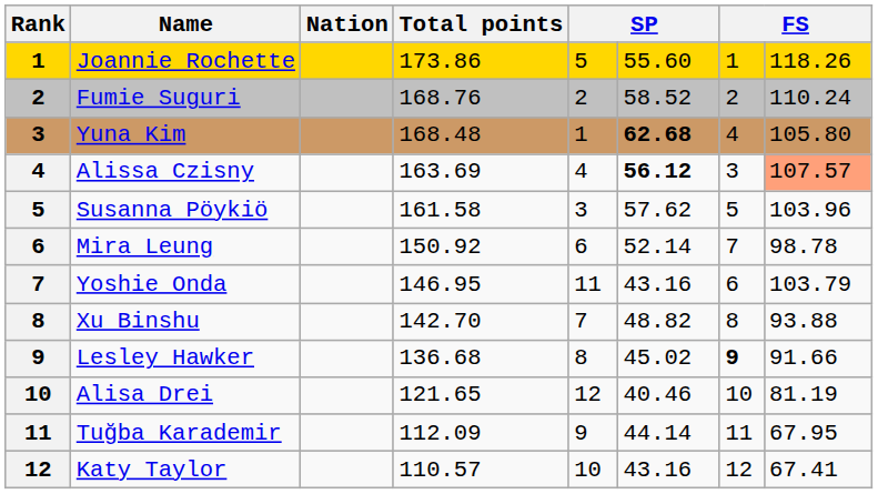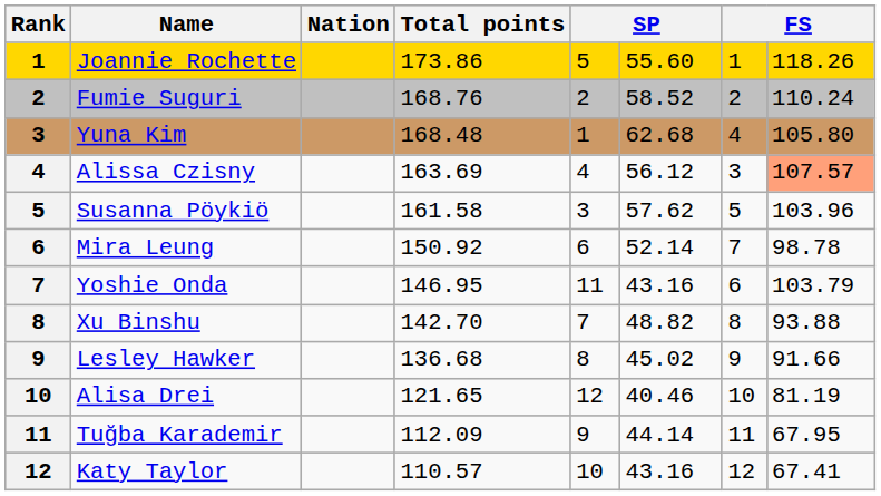 <table class="wikitable">
 <tr>
 <th>Rank</th>
 <th>Name</th>
 <th>Nation</th>
 <th>Total points</th>
 <th colspan="2" width="80px"><a href='#'>SP</a></th>
 <th colspan="2" width="80px"><a href='#'>FS</a></th>
 </tr>
 <tr bgcolor="gold">
 <td align="center"><strong>1</strong></td>
 <td><a href='#'>Joannie Rochette</a></td>
 <td></td>
 <td>173.86</td>
 <td>5</td>
 <td>55.60</td>
 <td>1</td>
 <td>118.26</td>
 </tr>
 <tr bgcolor="silver">
 <td align="center"><strong>2</strong></td>
 <td><a href='#'>Fumie Suguri</a></td>
 <td></td>
 <td>168.76</td>
 <td>2</td>
 <td>58.52</td>
 <td>2</td>
 <td>110.24</td>
 </tr>
 <tr bgcolor="cc9966">
 <td align="center"><strong>3</strong></td>
 <td><a href='#'>Yuna Kim</a></td>
 <td></td>
 <td>168.48</td>
 <td>1</td>
-<td><strong>62.68</strong></td>
+<td>62.68</td>
 <td>4</td>
 <td>105.80</td>
 </tr>
 <tr>
 <th>4</th>
 <td><a href='#'>Alissa Czisny</a></td>
 <td></td>
 <td>163.69</td>
 <td>4</td>
-<td><strong>56.12</strong></td>
+<td>56.12</td>
 <td>3</td>
 <td style="background: lightsalmon;">107.57</td>
 </tr>
 <tr>
 <th>5</th>
 <td><a href='#'>Susanna Pöykiö</a></td>
 <td></td>
 <td>161.58</td>
 <td>3</td>
 <td>57.62</td>
 <td>5</td>
 <td>103.96</td>
 </tr>
 <tr>
 <th>6</th>
 <td><a href='#'>Mira Leung</a></td>
 <td></td>
 <td>150.92</td>
 <td>6</td>
 <td>52.14</td>
 <td>7</td>
 <td>98.78</td>
 </tr>
 <tr>
 <th>7</th>
 <td><a href='#'>Yoshie Onda</a></td>
 <td></td>
 <td>146.95</td>
 <td>11</td>
 <td>43.16</td>
 <td>6</td>
 <td>103.79</td>
 </tr>
 <tr>
 <th>8</th>
 <td><a href='#'>Xu Binshu</a></td>
 <td></td>
 <td>142.70</td>
 <td>7</td>
 <td>48.82</td>
 <td>8</td>
 <td>93.88</td>
 </tr>
 <tr>
 <th>9</th>
 <td><a href='#'>Lesley Hawker</a></td>
 <td></td>
 <td>136.68</td>
 <td>8</td>
 <td>45.02</td>
-<td><strong>9</strong></td>
+<td>9</td>
 <td>91.66</td>
 </tr>
 <tr>
 <th>10</th>
 <td><a href='#'>Alisa Drei</a></td>
 <td></td>
 <td>121.65</td>
 <td>12</td>
 <td>40.46</td>
 <td>10</td>
 <td>81.19</td>
 </tr>
 <tr>
 <th>11</th>
 <td><a href='#'>Tuğba Karademir</a></td>
 <td></td>
 <td>112.09</td>
 <td>9</td>
 <td>44.14</td>
 <td>11</td>
 <td>67.95</td>
 </tr>
 <tr>
 <th>12</th>
 <td><a href='#'>Katy Taylor</a></td>
 <td></td>
 <td>110.57</td>
 <td>10</td>
 <td>43.16</td>
 <td>12</td>
 <td>67.41</td>
 </tr>
 </table>
